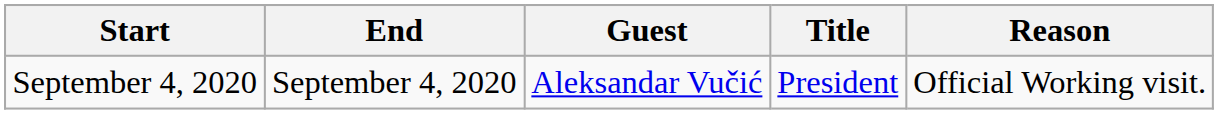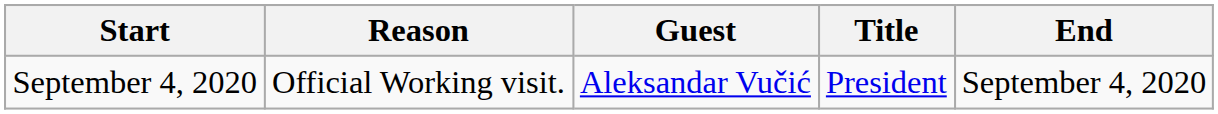 <table class="wikitable sortable">
 <tr>
 <th>Start</th>
-<th>End</th>
+<th>Reason</th>
 <th>Guest</th>
 <th>Title</th>
-<th>Reason</th>
+<th>End</th>
 </tr>
 <tr>
 <td>September 4, 2020</td>
-<td>September 4, 2020</td>
+<td>Official Working visit.</td>
 <td><a href='#'>Aleksandar Vučić</a></td>
 <td><a href='#'>President</a></td>
-<td>Official Working visit.</td>
+<td>September 4, 2020</td>
 </tr>
 </table>
